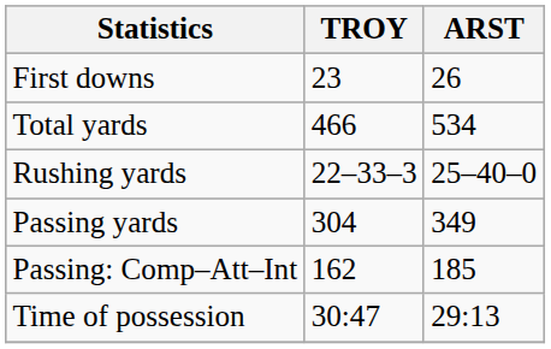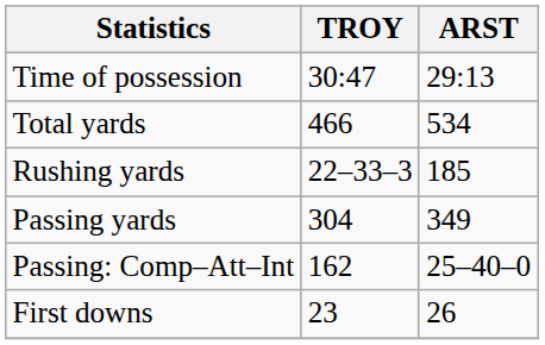 <table class="wikitable" style="float: left;">
 <tr>
 <th>Statistics</th>
 <th>TROY</th>
 <th>ARST</th>
 </tr>
 <tr>
-<td>First downs</td>
-<td>23</td>
-<td>26</td>
+<td>Time of possession</td>
+<td>30:47</td>
+<td>29:13</td>
 </tr>
 <tr>
 <td>Total yards</td>
 <td>466</td>
 <td>534</td>
 </tr>
 <tr>
 <td>Rushing yards</td>
 <td>22–33–3</td>
-<td>25–40–0</td>
+<td>185</td>
 </tr>
 <tr>
 <td>Passing yards</td>
 <td>304</td>
 <td>349</td>
 </tr>
 <tr>
 <td>Passing: Comp–Att–Int</td>
 <td>162</td>
-<td>185</td>
+<td>25–40–0</td>
 </tr>
 <tr>
-<td>Time of possession</td>
-<td>30:47</td>
-<td>29:13</td>
+<td>First downs</td>
+<td>23</td>
+<td>26</td>
 </tr>
 <tr>
 </tr>
 </table>
